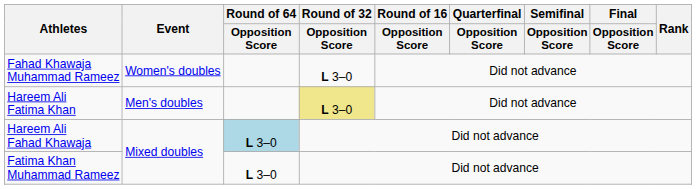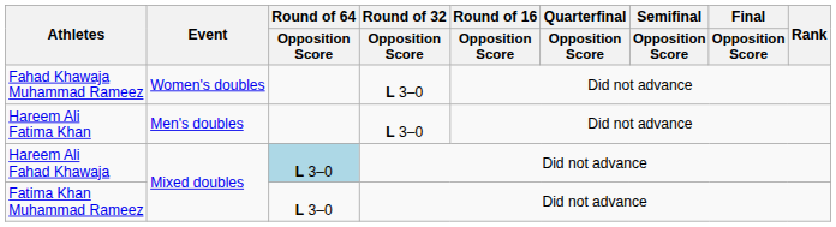 <table class="wikitable" style="font-size:90%">
 <tr>
 <th rowspan=2>Athletes</th>
 <th rowspan=2>Event</th>
 <th>Round of 64</th>
 <th>Round of 32</th>
 <th>Round of 16</th>
 <th>Quarterfinal</th>
 <th>Semifinal</th>
 <th>Final</th>
 <th rowspan=2>Rank</th>
 </tr>
 <tr style="font-size:95%">
 <th>Opposition<br>Score</th>
 <th>Opposition<br>Score</th>
 <th>Opposition<br>Score</th>
 <th>Opposition<br>Score</th>
 <th>Opposition<br>Score</th>
 <th>Opposition<br>Score</th>
 </tr>
 <tr align=center>
 <td align=left><a href='#'>Fahad Khawaja</a><br><a href='#'>Muhammad Rameez</a></td>
 <td align=left><a href='#'>Women's doubles</a></td>
 <td></td>
 <td><br><strong>L</strong> 3–0</td>
 <td colspan=5>Did not advance</td>
 </tr>
 <tr align=center>
 <td align=left><a href='#'>Hareem Ali</a><br><a href='#'>Fatima Khan</a></td>
 <td align=left><a href='#'>Men's doubles</a></td>
 <td></td>
-<td style="background: khaki;"><br><strong>L</strong> 3–0</td>
+<td><br><strong>L</strong> 3–0</td>
 <td colspan=5>Did not advance</td>
 </tr>
 <tr align=center>
 <td align=left><a href='#'>Hareem Ali</a><br><a href='#'>Fahad Khawaja</a></td>
 <td align=left rowspan=2><a href='#'>Mixed doubles</a></td>
 <td style="background: lightblue;"><br><strong>L</strong> 3–0</td>
 <td colspan=6>Did not advance</td>
 </tr>
 <tr align=center>
 <td align=left><a href='#'>Fatima Khan</a><br><a href='#'>Muhammad Rameez</a></td>
 <td><br><strong>L</strong> 3–0</td>
 <td colspan=6>Did not advance</td>
 </tr>
 </table>
